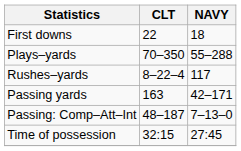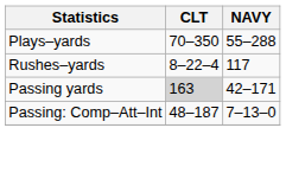 <table class="wikitable" style="float: left;">
 <tr>
 <th>Statistics</th>
 <th>CLT</th>
 <th>NAVY</th>
-</tr>
-<tr>
-<td>First downs</td>
-<td>22</td>
-<td>18</td>
 </tr>
 <tr>
 <td>Plays–yards</td>
 <td>70–350</td>
 <td>55–288</td>
 </tr>
 <tr>
 <td>Rushes–yards</td>
 <td>8–22–4</td>
 <td>117</td>
 </tr>
 <tr>
 <td>Passing yards</td>
-<td>163</td>
+<td style="background: lightgrey;">163</td>
 <td>42–171</td>
 </tr>
 <tr>
 <td>Passing: Comp–Att–Int</td>
 <td>48–187</td>
 <td>7–13–0</td>
 </tr>
 <tr>
-<td>Time of possession</td>
-<td>32:15</td>
-<td>27:45</td>
-</tr>
-<tr>
 </tr>
 </table>
